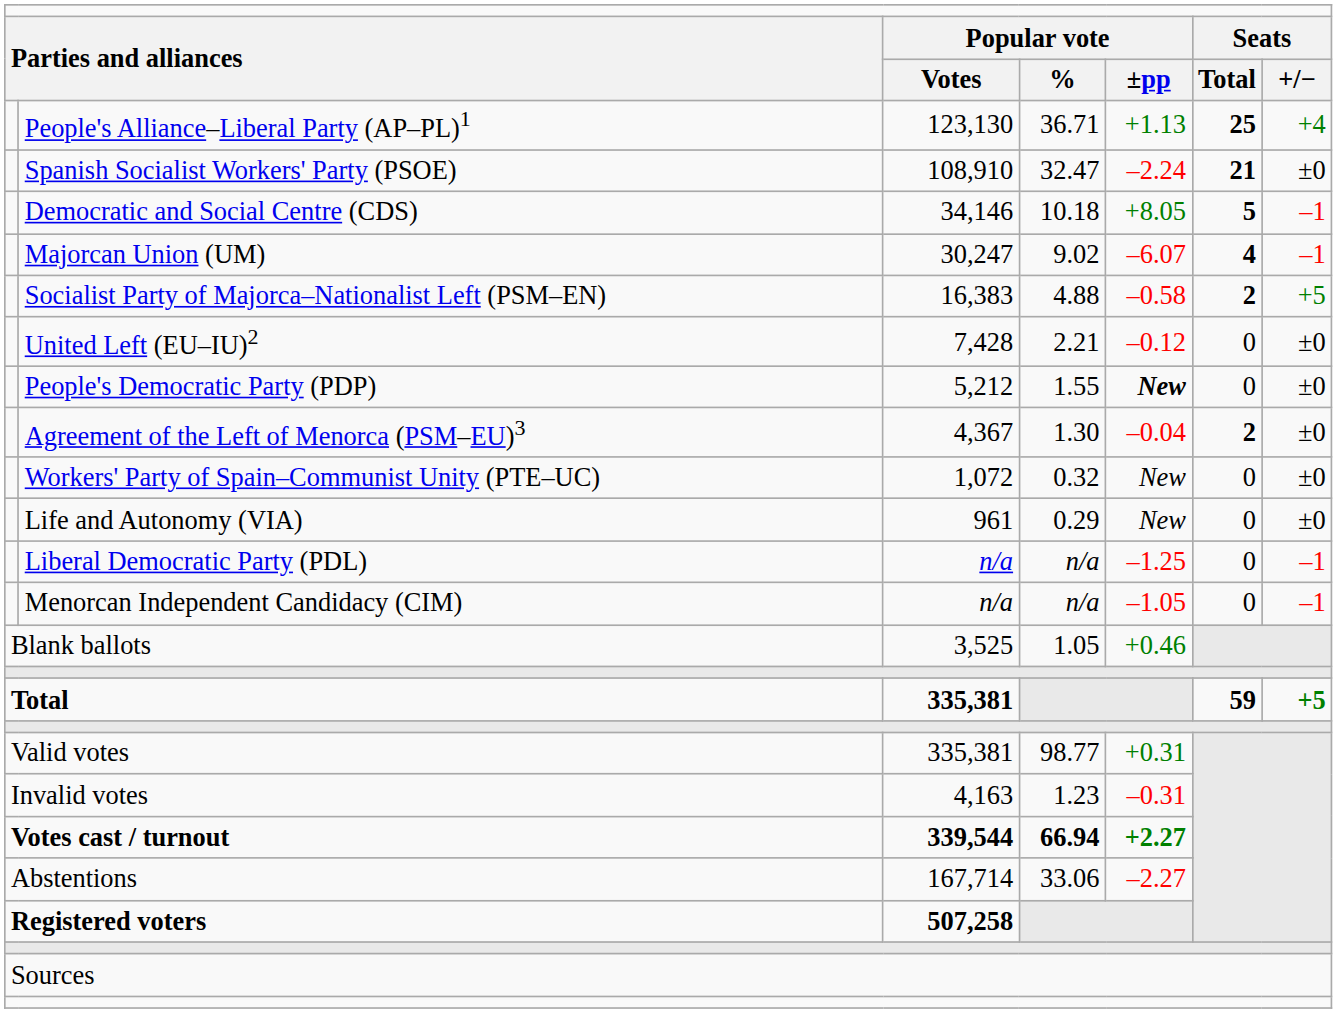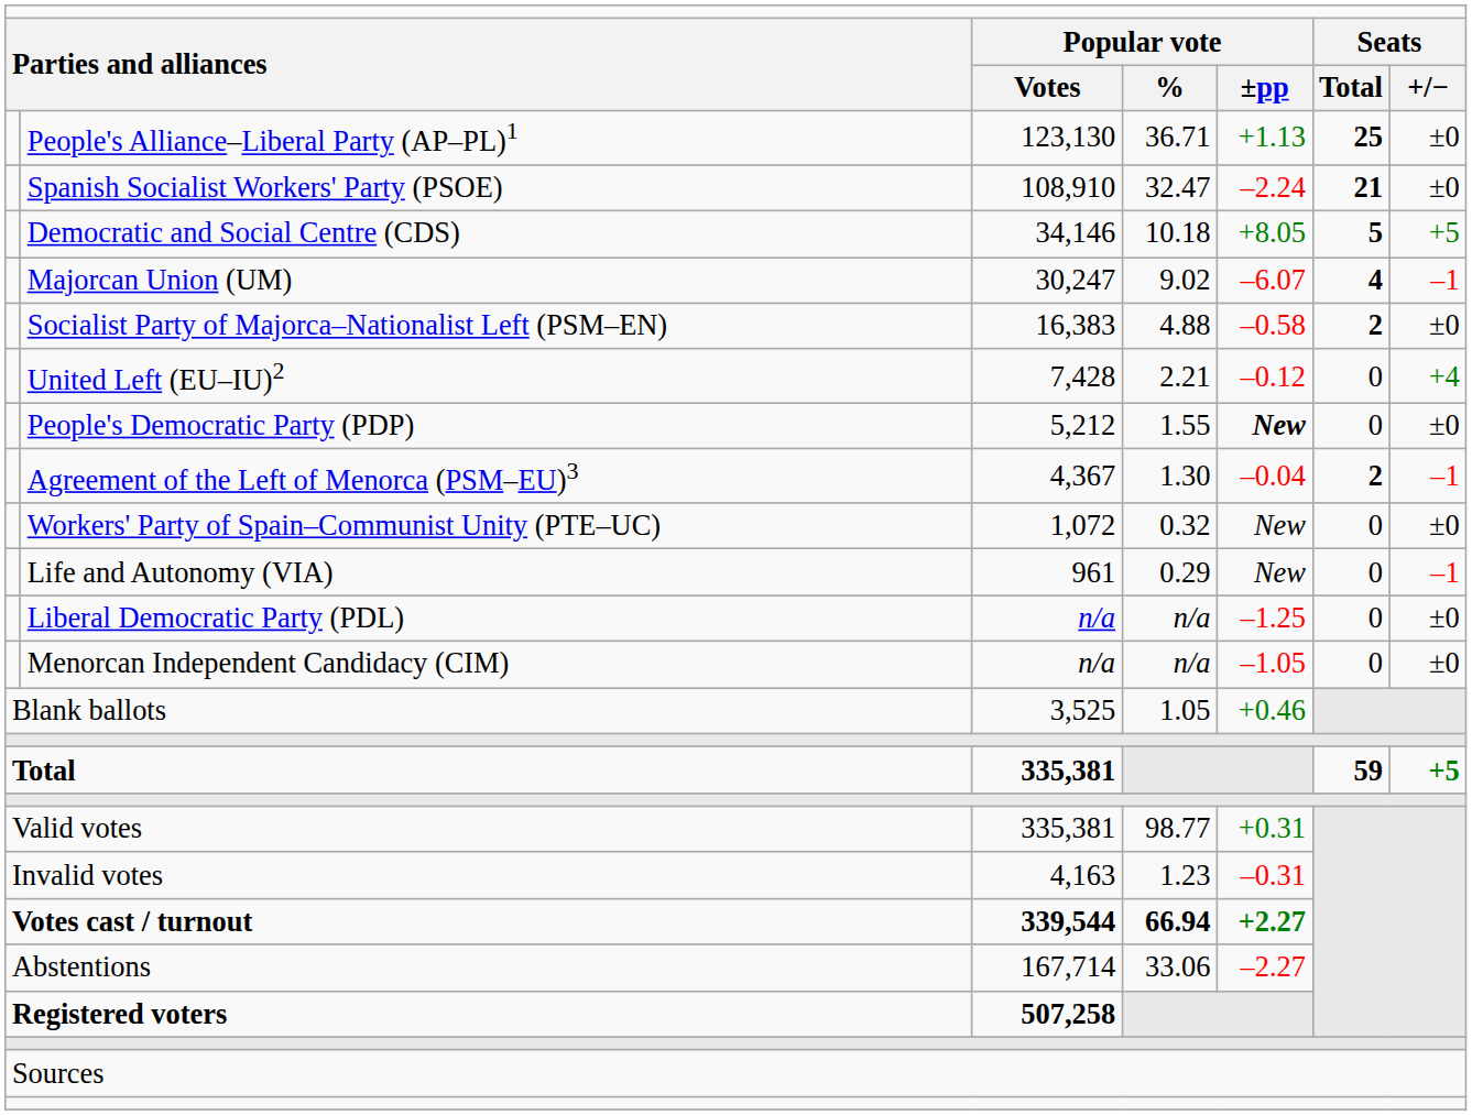 <table class="wikitable" style="text-align:right;">
 <tr>
 <td colspan="7"></td>
 </tr>
 <tr>
 <th style="text-align:left;" rowspan="2" colspan="2" width="525">Parties and alliances</th>
 <th colspan="3">Popular vote</th>
 <th colspan="2">Seats</th>
 </tr>
 <tr>
 <th width="75">Votes</th>
 <th width="45">%</th>
 <th width="45">±<a href='#'>pp</a></th>
 <th width="35">Total</th>
 <th width="35">+/−</th>
 </tr>
 <tr>
 <td width="1" style="color:inherit;background:"></td>
 <td align="left"><a href='#'>People's Alliance</a>–<a href='#'>Liberal Party</a> (AP–PL)<sup>1</sup></td>
 <td>123,130</td>
 <td>36.71</td>
 <td style="color:green;">+1.13</td>
 <td><strong>25</strong></td>
-<td style="color:green;">+4</td>
+<td>±0</td>
 </tr>
 <tr>
 <td style="color:inherit;background:"></td>
 <td align="left"><a href='#'>Spanish Socialist Workers' Party</a> (PSOE)</td>
 <td>108,910</td>
 <td>32.47</td>
 <td style="color:red;">–2.24</td>
 <td><strong>21</strong></td>
 <td>±0</td>
 </tr>
 <tr>
 <td style="color:inherit;background:"></td>
 <td align="left"><a href='#'>Democratic and Social Centre</a> (CDS)</td>
 <td>34,146</td>
 <td>10.18</td>
 <td style="color:green;">+8.05</td>
 <td><strong>5</strong></td>
-<td style="color:red;">–1</td>
+<td style="color:green;">+5</td>
 </tr>
 <tr>
 <td style="color:inherit;background:"></td>
 <td align="left"><a href='#'>Majorcan Union</a> (UM)</td>
 <td>30,247</td>
 <td>9.02</td>
 <td style="color:red;">–6.07</td>
 <td><strong>4</strong></td>
 <td style="color:red;">–1</td>
 </tr>
 <tr>
 <td style="color:inherit;background:"></td>
 <td align="left"><a href='#'>Socialist Party of Majorca–Nationalist Left</a> (PSM–EN)</td>
 <td>16,383</td>
 <td>4.88</td>
 <td style="color:red;">–0.58</td>
 <td><strong>2</strong></td>
-<td style="color:green;">+5</td>
+<td>±0</td>
 </tr>
 <tr>
 <td style="color:inherit;background:"></td>
 <td align="left"><a href='#'>United Left</a> (EU–IU)<sup>2</sup></td>
 <td>7,428</td>
 <td>2.21</td>
 <td style="color:red;">–0.12</td>
 <td>0</td>
-<td>±0</td>
+<td style="color:green;">+4</td>
 </tr>
 <tr>
 <td style="color:inherit;background:"></td>
 <td align="left"><a href='#'>People's Democratic Party</a> (PDP)</td>
 <td>5,212</td>
 <td>1.55</td>
 <td><strong><em>New</em></strong></td>
 <td>0</td>
 <td>±0</td>
 </tr>
 <tr>
 <td style="color:inherit;background:"></td>
 <td align="left"><a href='#'>Agreement of the Left of Menorca</a> (<a href='#'>PSM</a>–<a href='#'>EU</a>)<sup>3</sup></td>
 <td>4,367</td>
 <td>1.30</td>
 <td style="color:red;">–0.04</td>
 <td><strong>2</strong></td>
-<td>±0</td>
+<td style="color:red;">–1</td>
 </tr>
 <tr>
 <td style="color:inherit;background:"></td>
 <td align="left"><a href='#'>Workers' Party of Spain–Communist Unity</a> (PTE–UC)</td>
 <td>1,072</td>
 <td>0.32</td>
 <td><em>New</em></td>
 <td>0</td>
 <td>±0</td>
 </tr>
 <tr>
 <td style="color:inherit;background:"></td>
 <td align="left">Life and Autonomy (VIA)</td>
 <td>961</td>
 <td>0.29</td>
 <td><em>New</em></td>
 <td>0</td>
-<td>±0</td>
+<td style="color:red;">–1</td>
 </tr>
 <tr>
 <td style="color:inherit;background:"></td>
 <td align="left"><a href='#'>Liberal Democratic Party</a> (PDL)</td>
 <td><em><a href='#'>n/a</a></em></td>
 <td><em>n/a</em></td>
 <td style="color:red;">–1.25</td>
 <td>0</td>
-<td style="color:red;">–1</td>
+<td>±0</td>
 </tr>
 <tr>
 <td></td>
 <td align="left">Menorcan Independent Candidacy (CIM)</td>
 <td><em>n/a</em></td>
 <td><em>n/a</em></td>
 <td style="color:red;">–1.05</td>
 <td>0</td>
-<td style="color:red;">–1</td>
+<td>±0</td>
 </tr>
 <tr>
 <td align="left" colspan="2">Blank ballots</td>
 <td>3,525</td>
 <td>1.05</td>
 <td style="color:green;">+0.46</td>
 <td bgcolor="#E9E9E9" colspan="2"></td>
 </tr>
 <tr>
 <td colspan="7" bgcolor="#E9E9E9"></td>
 </tr>
 <tr style="font-weight:bold;">
 <td align="left" colspan="2">Total</td>
 <td>335,381</td>
 <td bgcolor="#E9E9E9" colspan="2"></td>
 <td>59</td>
 <td style="color:green;">+5</td>
 </tr>
 <tr>
 <td colspan="7" bgcolor="#E9E9E9"></td>
 </tr>
 <tr>
 <td align="left" colspan="2">Valid votes</td>
 <td>335,381</td>
 <td>98.77</td>
 <td style="color:green;">+0.31</td>
 <td bgcolor="#E9E9E9" colspan="2" rowspan="5"></td>
 </tr>
 <tr>
 <td align="left" colspan="2">Invalid votes</td>
 <td>4,163</td>
 <td>1.23</td>
 <td style="color:red;">–0.31</td>
 </tr>
 <tr style="font-weight:bold;">
 <td align="left" colspan="2">Votes cast / turnout</td>
 <td>339,544</td>
 <td>66.94</td>
 <td style="color:green;">+2.27</td>
 </tr>
 <tr>
 <td align="left" colspan="2">Abstentions</td>
 <td>167,714</td>
 <td>33.06</td>
 <td style="color:red;">–2.27</td>
 </tr>
 <tr style="font-weight:bold;">
 <td align="left" colspan="2">Registered voters</td>
 <td>507,258</td>
 <td bgcolor="#E9E9E9" colspan="2"></td>
 </tr>
 <tr>
 <td colspan="7" bgcolor="#E9E9E9"></td>
 </tr>
 <tr>
 <td align="left" colspan="7">Sources</td>
 </tr>
 <tr>
 <td colspan="7" style="text-align:left; max-width:790px;"></td>
 </tr>
 </table>
